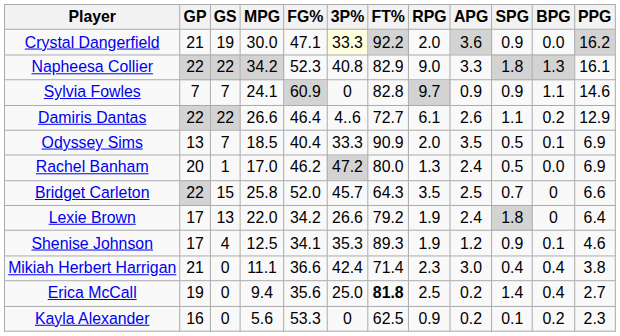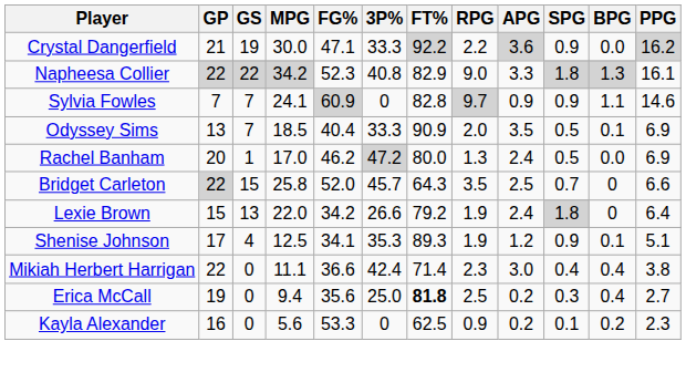 <table class="wikitable sortable" style="text-align:center;">
 <tr>
 <th>Player</th>
 <th>GP</th>
 <th>GS</th>
 <th>MPG</th>
 <th>FG%</th>
 <th>3P%</th>
 <th>FT%</th>
 <th>RPG</th>
 <th>APG</th>
 <th>SPG</th>
 <th>BPG</th>
 <th>PPG</th>
 </tr>
 <tr>
 <td><a href='#'>Crystal Dangerfield</a></td>
 <td>21</td>
 <td>19</td>
 <td>30.0</td>
 <td>47.1</td>
-<td style="background: lightyellow;">33.3</td>
+<td>33.3</td>
 <td style="background:#D3D3D3;">92.2</td>
-<td>2.0</td>
+<td>2.2</td>
 <td style="background:#D3D3D3;">3.6</td>
 <td>0.9</td>
 <td>0.0</td>
 <td style="background:#D3D3D3;">16.2</td>
 </tr>
 <tr>
 <td><a href='#'>Napheesa Collier</a></td>
 <td style="background:#D3D3D3;">22</td>
 <td style="background:#D3D3D3;">22</td>
 <td style="background:#D3D3D3;">34.2</td>
 <td>52.3</td>
 <td>40.8</td>
 <td>82.9</td>
 <td>9.0</td>
 <td>3.3</td>
 <td style="background:#D3D3D3;">1.8</td>
 <td style="background:#D3D3D3;">1.3</td>
 <td>16.1</td>
 </tr>
 <tr>
 <td><a href='#'>Sylvia Fowles</a></td>
 <td>7</td>
 <td>7</td>
 <td>24.1</td>
 <td style="background:#D3D3D3;">60.9</td>
 <td>0</td>
 <td>82.8</td>
 <td style="background:#D3D3D3;">9.7</td>
 <td>0.9</td>
 <td>0.9</td>
 <td>1.1</td>
 <td>14.6</td>
-</tr>
-<tr>
-<td><a href='#'>Damiris Dantas</a></td>
-<td style="background:#D3D3D3;">22</td>
-<td style="background:#D3D3D3;">22</td>
-<td>26.6</td>
-<td>46.4</td>
-<td>4..6</td>
-<td>72.7</td>
-<td>6.1</td>
-<td>2.6</td>
-<td>1.1</td>
-<td>0.2</td>
-<td>12.9</td>
 </tr>
 <tr>
 <td><a href='#'>Odyssey Sims</a></td>
 <td>13</td>
 <td>7</td>
 <td>18.5</td>
 <td>40.4</td>
 <td>33.3</td>
 <td>90.9</td>
 <td>2.0</td>
 <td>3.5</td>
 <td>0.5</td>
 <td>0.1</td>
 <td>6.9</td>
 </tr>
 <tr>
 <td><a href='#'>Rachel Banham</a></td>
 <td>20</td>
 <td>1</td>
 <td>17.0</td>
 <td>46.2</td>
 <td style="background:#D3D3D3;">47.2</td>
 <td>80.0</td>
 <td>1.3</td>
 <td>2.4</td>
 <td>0.5</td>
 <td>0.0</td>
 <td>6.9</td>
 </tr>
 <tr>
 <td><a href='#'>Bridget Carleton</a></td>
 <td style="background:#D3D3D3;">22</td>
 <td>15</td>
 <td>25.8</td>
 <td>52.0</td>
 <td>45.7</td>
 <td>64.3</td>
 <td>3.5</td>
 <td>2.5</td>
 <td>0.7</td>
 <td>0</td>
 <td>6.6</td>
 </tr>
 <tr>
 <td><a href='#'>Lexie Brown</a></td>
-<td>17</td>
+<td>15</td>
 <td>13</td>
 <td>22.0</td>
 <td>34.2</td>
 <td>26.6</td>
 <td>79.2</td>
 <td>1.9</td>
 <td>2.4</td>
 <td style="background:#D3D3D3;">1.8</td>
 <td>0</td>
 <td>6.4</td>
 </tr>
 <tr>
 <td><a href='#'>Shenise Johnson</a></td>
 <td>17</td>
 <td>4</td>
 <td>12.5</td>
 <td>34.1</td>
 <td>35.3</td>
 <td>89.3</td>
 <td>1.9</td>
 <td>1.2</td>
 <td>0.9</td>
 <td>0.1</td>
-<td>4.6</td>
+<td>5.1</td>
 </tr>
 <tr>
 <td><a href='#'>Mikiah Herbert Harrigan</a></td>
-<td>21</td>
+<td>22</td>
 <td>0</td>
 <td>11.1</td>
 <td>36.6</td>
 <td>42.4</td>
 <td>71.4</td>
 <td>2.3</td>
 <td>3.0</td>
 <td>0.4</td>
 <td>0.4</td>
 <td>3.8</td>
 </tr>
 <tr>
 <td><a href='#'>Erica McCall</a></td>
 <td>19</td>
 <td>0</td>
 <td>9.4</td>
 <td>35.6</td>
 <td>25.0</td>
 <td><strong>81.8</strong></td>
 <td>2.5</td>
 <td>0.2</td>
-<td>1.4</td>
+<td>0.3</td>
 <td>0.4</td>
 <td>2.7</td>
 </tr>
 <tr>
 <td><a href='#'>Kayla Alexander</a></td>
 <td>16</td>
 <td>0</td>
 <td>5.6</td>
 <td>53.3</td>
 <td>0</td>
 <td>62.5</td>
 <td>0.9</td>
 <td>0.2</td>
 <td>0.1</td>
 <td>0.2</td>
 <td>2.3</td>
 </tr>
 </table>
